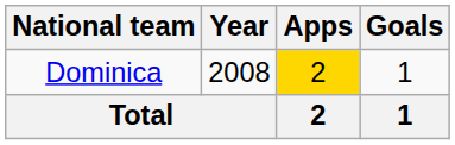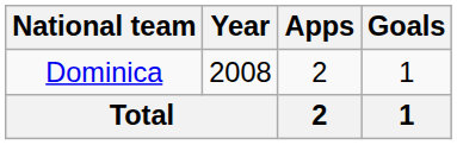 <table class=wikitable style="text-align: center">
 <tr>
 <th>National team</th>
 <th>Year</th>
 <th>Apps</th>
 <th>Goals</th>
 </tr>
 <tr>
 <td><a href='#'>Dominica</a></td>
 <td>2008</td>
-<td style="background: gold;">2</td>
+<td>2</td>
 <td>1</td>
 </tr>
 <tr>
 <th colspan=2>Total</th>
 <th>2</th>
 <th>1</th>
 </tr>
 </table>
